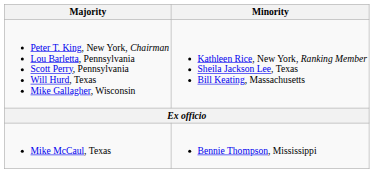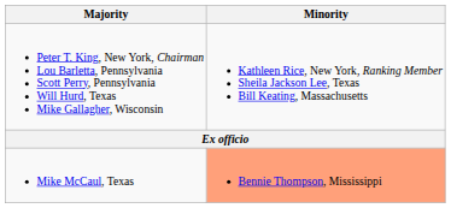 <table class=wikitable>
 <tr>
 <th>Majority</th>
 <th>Minority</th>
 </tr>
 <tr>
 <td><br><ul><li><a href='#'>Peter T. King</a>, New York, <em>Chairman</em></li><li><a href='#'>Lou Barletta</a>, Pennsylvania</li><li><a href='#'>Scott Perry</a>, Pennsylvania</li><li><a href='#'>Will Hurd</a>, Texas</li><li><a href='#'>Mike Gallagher</a>, Wisconsin</li></ul></td>
 <td><br><ul><li><a href='#'>Kathleen Rice</a>, New York, <em>Ranking Member</em></li><li><a href='#'>Sheila Jackson Lee</a>, Texas</li><li><a href='#'>Bill Keating</a>, Massachusetts</li></ul></td>
 </tr>
 <tr>
 <th colspan=2><em>Ex officio</em></th>
 </tr>
 <tr>
 <td><br><ul><li><a href='#'>Mike McCaul</a>, Texas</li></ul></td>
-<td><br><ul><li><a href='#'>Bennie Thompson</a>, Mississippi</li></ul></td>
+<td style="background: lightsalmon;"><br><ul><li><a href='#'>Bennie Thompson</a>, Mississippi</li></ul></td>
 </tr>
 </table>
